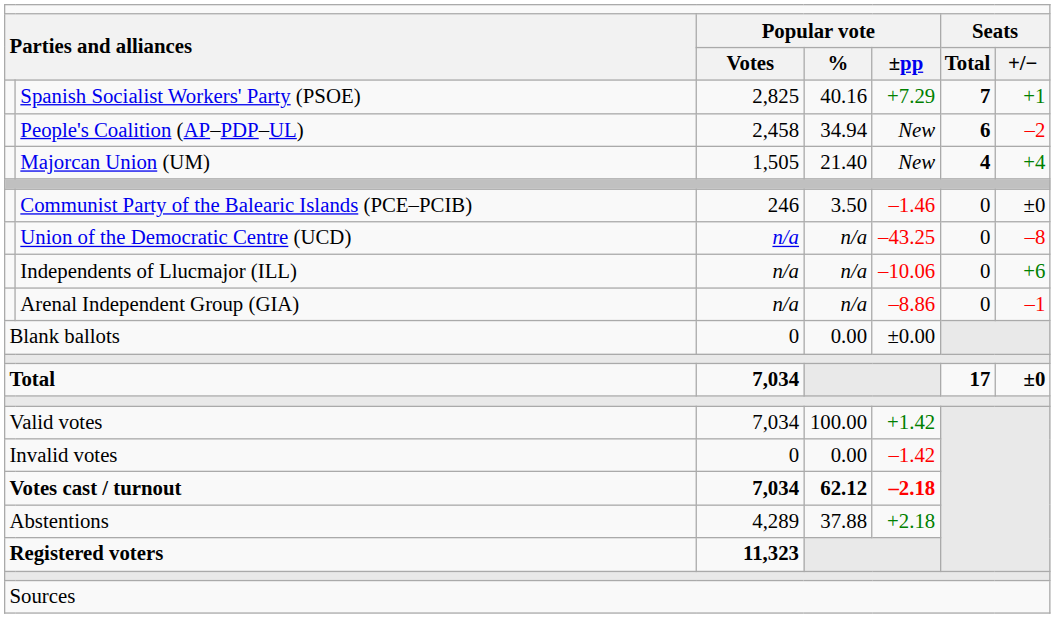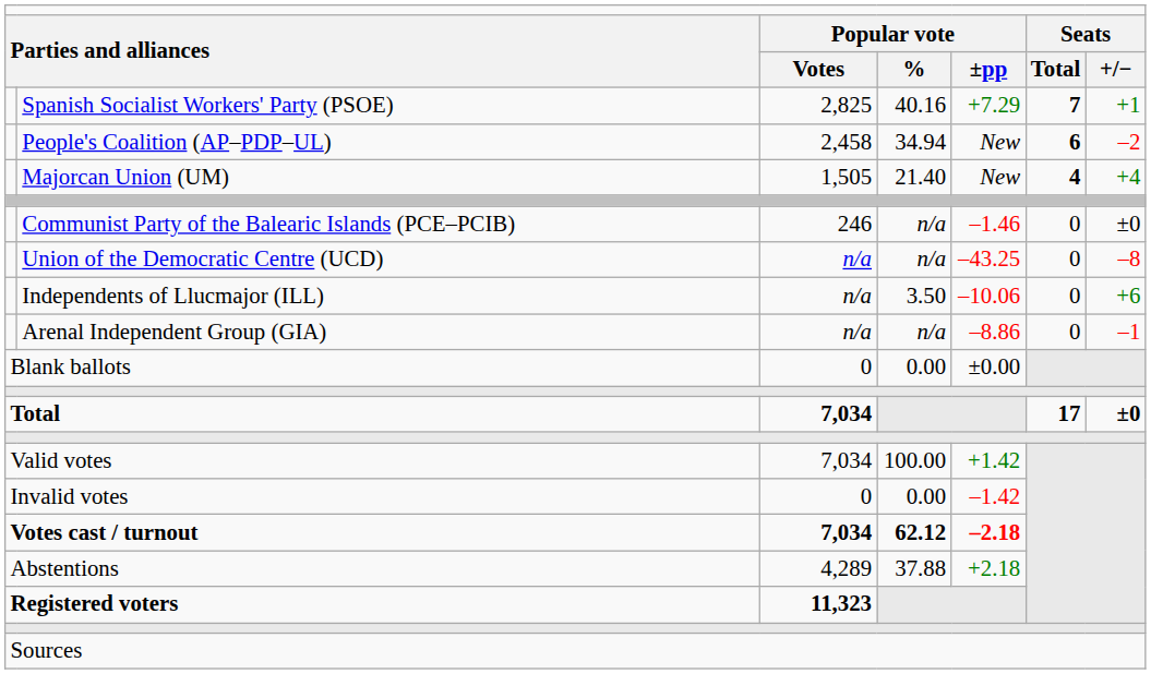 <table class="wikitable" style="text-align:right;">
 <tr>
 <td colspan="7"></td>
 </tr>
 <tr>
 <th style="text-align:left;" rowspan="2" colspan="2" width="525">Parties and alliances</th>
 <th colspan="3">Popular vote</th>
 <th colspan="2">Seats</th>
 </tr>
 <tr>
 <th width="75">Votes</th>
 <th width="45">%</th>
 <th width="45">±<a href='#'>pp</a></th>
 <th width="35">Total</th>
 <th width="35">+/−</th>
 </tr>
 <tr>
 <td width="1" style="color:inherit;background:"></td>
 <td align="left"><a href='#'>Spanish Socialist Workers' Party</a> (PSOE)</td>
 <td>2,825</td>
 <td>40.16</td>
 <td style="color:green;">+7.29</td>
 <td><strong>7</strong></td>
 <td style="color:green;">+1</td>
 </tr>
 <tr>
 <td style="color:inherit;background:"></td>
 <td align="left"><a href='#'>People's Coalition</a> (<a href='#'>AP</a>–<a href='#'>PDP</a>–<a href='#'>UL</a>)</td>
 <td>2,458</td>
 <td>34.94</td>
 <td><em>New</em></td>
 <td><strong>6</strong></td>
 <td style="color:red;">–2</td>
 </tr>
 <tr>
 <td style="color:inherit;background:"></td>
 <td align="left"><a href='#'>Majorcan Union</a> (UM)</td>
 <td>1,505</td>
 <td>21.40</td>
 <td><em>New</em></td>
 <td><strong>4</strong></td>
 <td style="color:green;">+4</td>
 </tr>
 <tr>
 <td colspan="7" bgcolor="#C0C0C0"></td>
 </tr>
 <tr>
 <td style="color:inherit;background:"></td>
 <td align="left"><a href='#'>Communist Party of the Balearic Islands</a> (PCE–PCIB)</td>
 <td>246</td>
-<td>3.50</td>
+<td><em>n/a</em></td>
 <td style="color:red;">–1.46</td>
 <td>0</td>
 <td>±0</td>
 </tr>
 <tr>
 <td style="color:inherit;background:"></td>
 <td align="left"><a href='#'>Union of the Democratic Centre</a> (UCD)</td>
 <td><em><a href='#'>n/a</a></em></td>
 <td><em>n/a</em></td>
 <td style="color:red;">–43.25</td>
 <td>0</td>
 <td style="color:red;">–8</td>
 </tr>
 <tr>
 <td style="color:inherit;background:"></td>
 <td align="left">Independents of Llucmajor (ILL)</td>
 <td><em>n/a</em></td>
-<td><em>n/a</em></td>
+<td>3.50</td>
 <td style="color:red;">–10.06</td>
 <td>0</td>
 <td style="color:green;">+6</td>
 </tr>
 <tr>
 <td style="color:inherit;background:"></td>
 <td align="left">Arenal Independent Group (GIA)</td>
 <td><em>n/a</em></td>
 <td><em>n/a</em></td>
 <td style="color:red;">–8.86</td>
 <td>0</td>
 <td style="color:red;">–1</td>
 </tr>
 <tr>
 <td align="left" colspan="2">Blank ballots</td>
 <td>0</td>
 <td>0.00</td>
 <td>±0.00</td>
 <td bgcolor="#E9E9E9" colspan="2"></td>
 </tr>
 <tr>
 <td colspan="7" bgcolor="#E9E9E9"></td>
 </tr>
 <tr style="font-weight:bold;">
 <td align="left" colspan="2">Total</td>
 <td>7,034</td>
 <td bgcolor="#E9E9E9" colspan="2"></td>
 <td>17</td>
 <td>±0</td>
 </tr>
 <tr>
 <td colspan="7" bgcolor="#E9E9E9"></td>
 </tr>
 <tr>
 <td align="left" colspan="2">Valid votes</td>
 <td>7,034</td>
 <td>100.00</td>
 <td style="color:green;">+1.42</td>
 <td bgcolor="#E9E9E9" colspan="2" rowspan="5"></td>
 </tr>
 <tr>
 <td align="left" colspan="2">Invalid votes</td>
 <td>0</td>
 <td>0.00</td>
 <td style="color:red;">–1.42</td>
 </tr>
 <tr style="font-weight:bold;">
 <td align="left" colspan="2">Votes cast / turnout</td>
 <td>7,034</td>
 <td>62.12</td>
 <td style="color:red;">–2.18</td>
 </tr>
 <tr>
 <td align="left" colspan="2">Abstentions</td>
 <td>4,289</td>
 <td>37.88</td>
 <td style="color:green;">+2.18</td>
 </tr>
 <tr style="font-weight:bold;">
 <td align="left" colspan="2">Registered voters</td>
 <td>11,323</td>
 <td bgcolor="#E9E9E9" colspan="2"></td>
 </tr>
 <tr>
 <td colspan="7" bgcolor="#E9E9E9"></td>
 </tr>
 <tr>
 <td align="left" colspan="7">Sources</td>
 </tr>
 </table>
